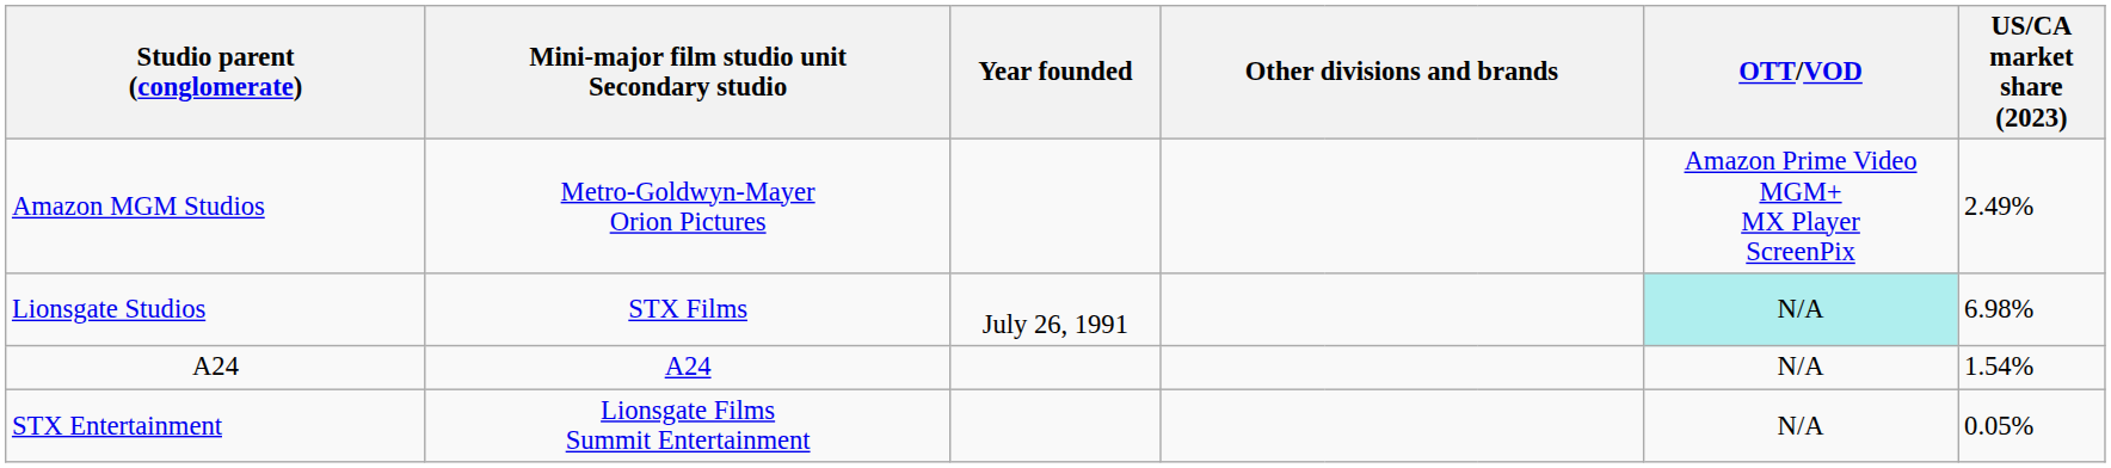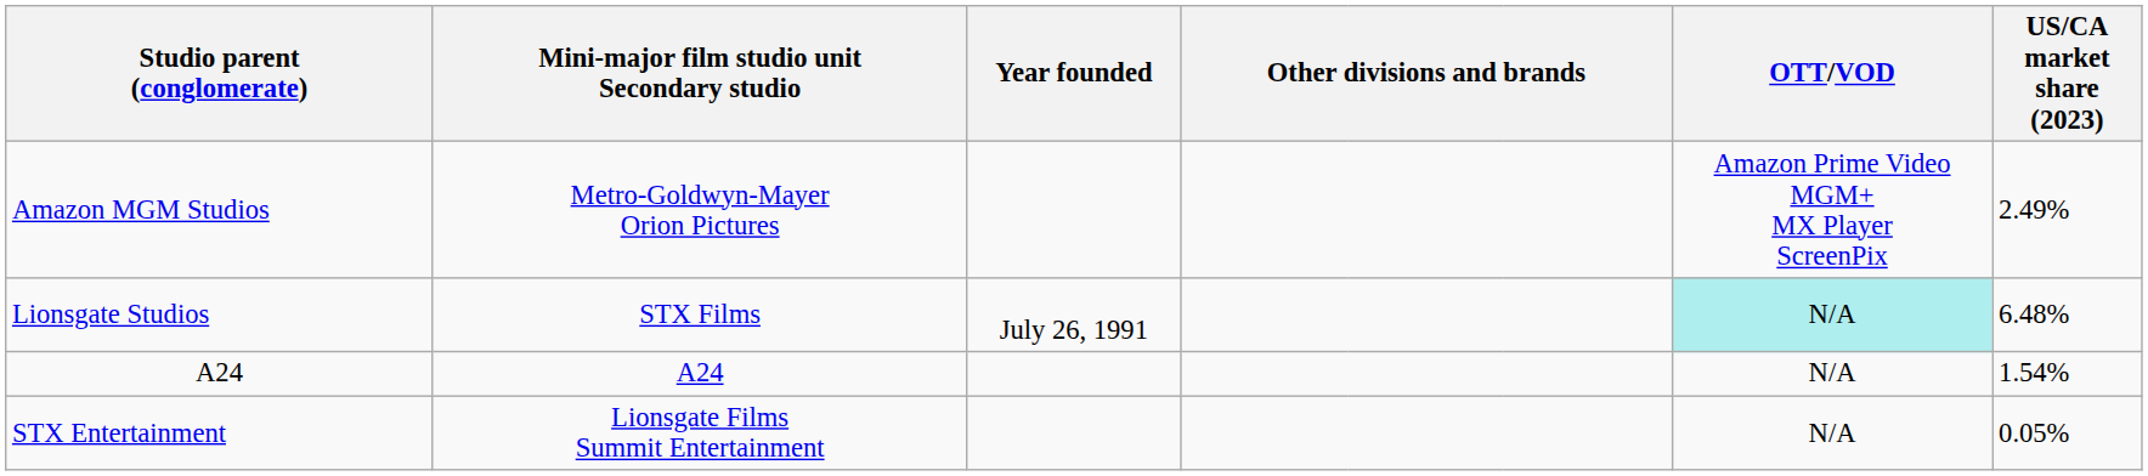 <table class="wikitable sortable" style="font-size:100%">
 <tr>
 <th width="20%">Studio parent<br>(<a href='#'>conglomerate</a>)</th>
 <th width="25%">Mini-major film studio unit<br>Secondary studio</th>
 <th width="10%">Year founded</th>
 <th colspan="3">Other divisions and brands</th>
 <th width="15%"><a href='#'>OTT</a>/<a href='#'>VOD</a></th>
 <th width="7%">US/CA market share (2023)</th>
 </tr>
 <tr>
 <td><a href='#'>Amazon MGM Studios</a><br></td>
 <td align="center"><a href='#'>Metro-Goldwyn-Mayer</a><br><a href='#'>Orion Pictures</a></td>
 <td align="center"><br></td>
 <td style='border-style: solid none solid solid;'></td>
 <td style='border-style: solid none solid none;'></td>
 <td style='border-style: solid solid solid none;'></td>
 <td align="center"><a href='#'>Amazon Prime Video</a><br><a href='#'>MGM+</a><br><a href='#'>MX Player</a><br><a href='#'>ScreenPix</a></td>
 <td>2.49%</td>
 </tr>
 <tr>
 <td><a href='#'>Lionsgate Studios</a></td>
 <td align=center><a href='#'>STX Films</a></td>
 <td align="center"><br>July 26, 1991</td>
 <td style='border-style: solid none solid solid;'></td>
 <td style='border-style: solid none solid none;'></td>
 <td style='border-style: solid solid solid none;'></td>
 <td align="center" style="background: paleturquoise;">N/A</td>
-<td>6.98%</td>
+<td>6.48%</td>
 </tr>
 <tr>
 <td align="center">A24</td>
 <td align="center"><a href='#'>A24</a></td>
 <td align="center"></td>
 <td style='border-style: solid none solid solid;'></td>
 <td style='border-style: solid none solid none;'></td>
 <td style='border-style: solid solid solid none;'></td>
 <td align="center">N/A</td>
 <td>1.54%</td>
 </tr>
 <tr>
 <td><a href='#'>STX Entertainment</a><br></td>
 <td align="center"><a href='#'>Lionsgate Films</a><br><a href='#'>Summit Entertainment</a></td>
 <td align="center"></td>
 <td style='border-style: solid none solid solid;'></td>
 <td style='border-style: solid none solid none;'></td>
 <td style='border-style: solid solid solid none;'></td>
 <td align="center">N/A</td>
 <td>0.05%</td>
 </tr>
 </table>
